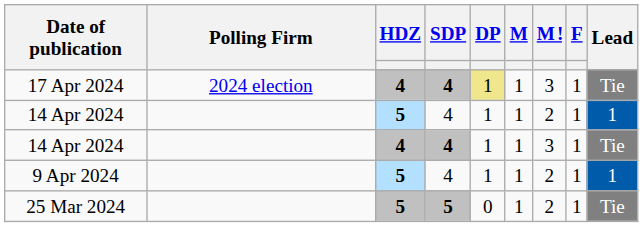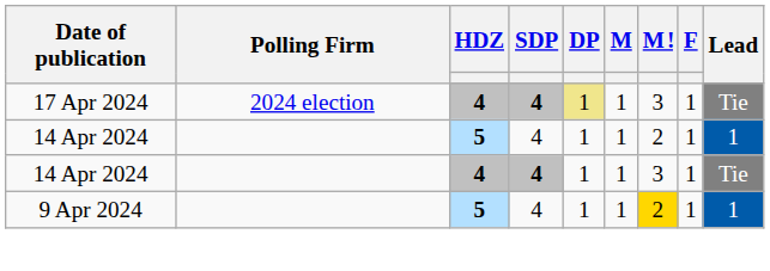 <table class="wikitable sortable" style="text-align:center; font-size:90%; line-height:16px;">
 <tr style="height:42px;">
 <th style="width:100px;" rowspan="2">Date of publication</th>
 <th style="width:165px;" rowspan="2">Polling Firm</th>
 <th><a href='#'>HDZ</a></th>
 <th><a href='#'>SDP</a></th>
 <th><a href='#'>DP</a></th>
 <th><a href='#'>M</a></th>
 <th style="letter-spacing:-1px;"><a href='#'>M !</a></th>
 <th><a href='#'>F</a></th>
 <th class="unsortable" style="width:20px;" rowspan="2">Lead</th>
 </tr>
 <tr>
 <th style="color:inherit;background:"></th>
 <th data-sort-type="number" style="color:inherit;background:"></th>
 <th style="color:inherit;background:"></th>
 <th style="color:inherit;background:"></th>
 <th style="color:inherit;background:"></th>
 <th style="color:inherit;background:"></th>
 </tr>
 <tr>
 <td>17 Apr 2024</td>
 <td><a href='#'>2024 election</a></td>
 <td style="background:#C0C0C0"><strong>4</strong></td>
 <td style="background:#C0C0C0"><strong>4</strong></td>
 <td style="background: khaki;">1</td>
 <td>1</td>
 <td>3</td>
 <td>1</td>
 <td style="background:#808080; color:white;">Tie</td>
 </tr>
 <tr>
 <td>14 Apr 2024</td>
 <td></td>
 <td style="background:#B3E0FF"><strong>5</strong></td>
 <td>4</td>
 <td>1</td>
 <td>1</td>
 <td>2</td>
 <td>1</td>
 <td style="background:#005BAA; color: white">1</td>
 </tr>
 <tr>
 <td>14 Apr 2024</td>
 <td></td>
 <td style="background:#C0C0C0"><strong>4</strong></td>
 <td style="background:#C0C0C0"><strong>4</strong></td>
 <td>1</td>
 <td>1</td>
 <td>3</td>
 <td>1</td>
 <td style="background:#808080; color:white;">Tie</td>
 </tr>
 <tr>
 <td>9 Apr 2024</td>
 <td></td>
 <td style="background:#B3E0FF"><strong>5</strong></td>
 <td>4</td>
 <td>1</td>
 <td>1</td>
-<td>2</td>
+<td style="background: gold;">2</td>
 <td>1</td>
 <td style="background:#005BAA; color: white">1</td>
 </tr>
-<tr>
-<td>25 Mar 2024</td>
-<td></td>
-<td style="background:#C0C0C0"><strong>5</strong></td>
-<td style="background:#C0C0C0"><strong>5</strong></td>
-<td>0</td>
-<td>1</td>
-<td>2</td>
-<td>1</td>
-<td style="background:#808080; color:white;">Tie</td>
-</tr>
 </table>
